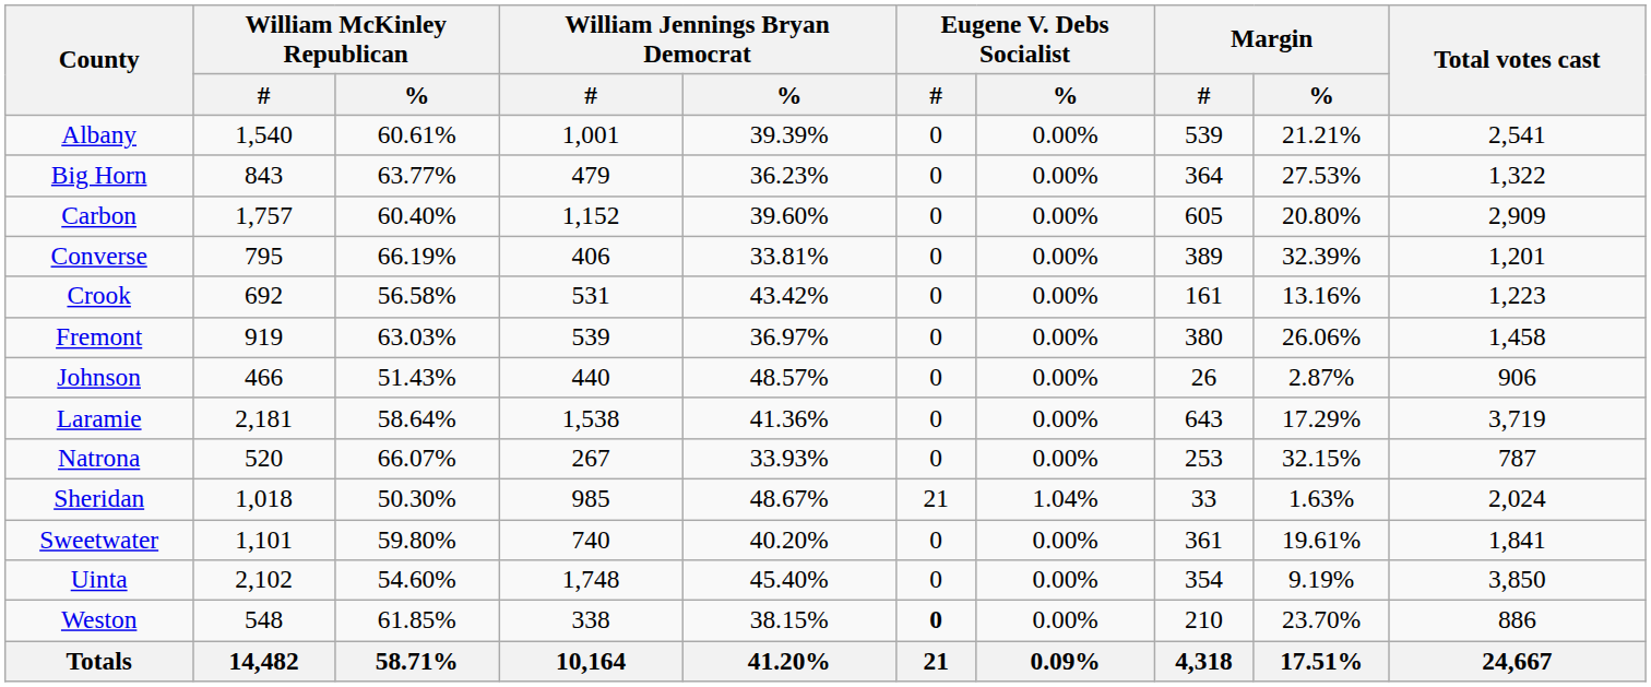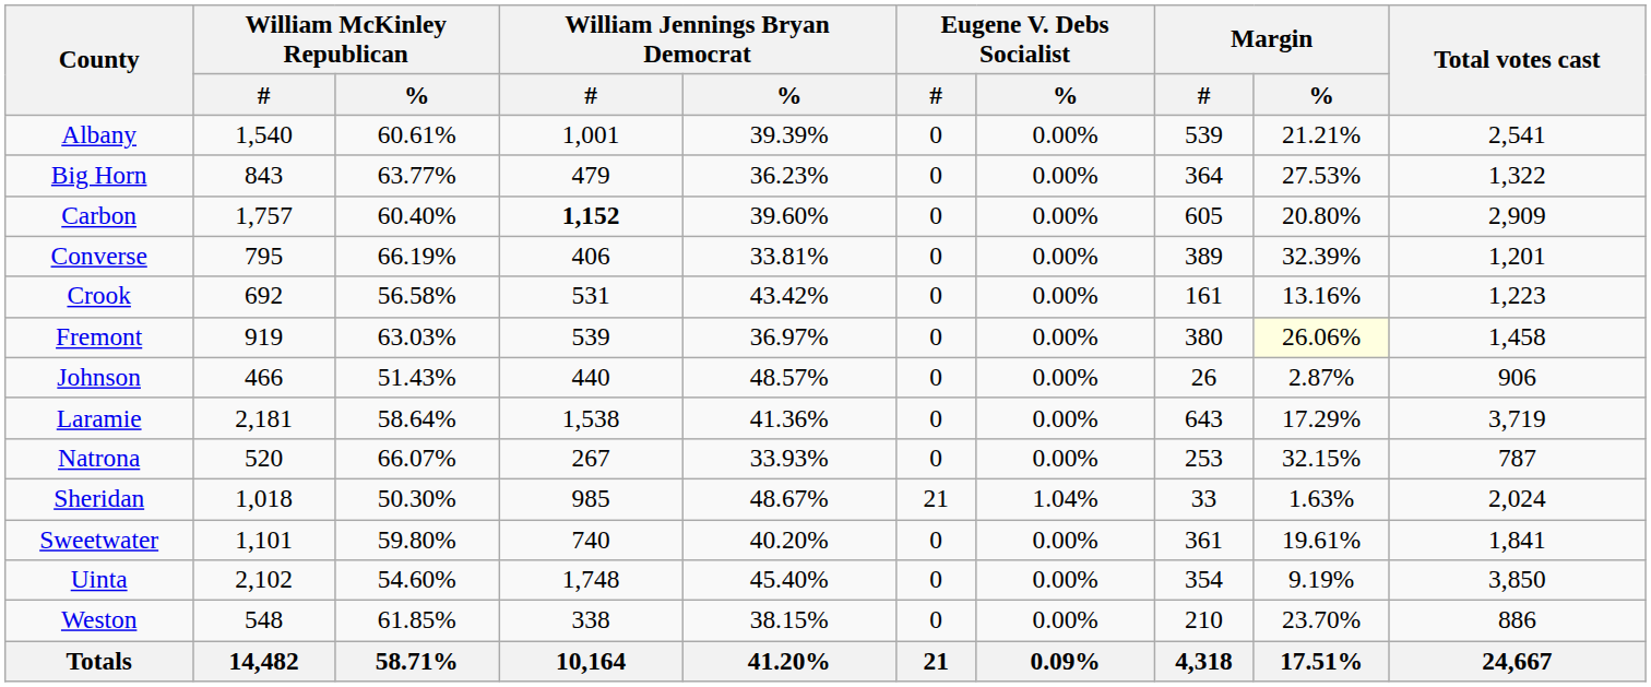 <table width="65%" class="wikitable sortable">
 <tr>
 <th style="text-align:center;" rowspan="2">County</th>
 <th style="text-align:center;" colspan="2">William McKinley<br>Republican</th>
 <th style="text-align:center;" colspan="2">William Jennings Bryan<br>Democrat</th>
 <th style="text-align:center;" colspan="2">Eugene V. Debs<br>Socialist</th>
 <th style="text-align:center;" colspan="2">Margin</th>
 <th style="text-align:center;" rowspan="2">Total votes cast</th>
 </tr>
 <tr bgcolor="lightgrey">
 <th style="text-align:center;" data-sort-type="number">#</th>
 <th style="text-align:center;" data-sort-type="number">%</th>
 <th style="text-align:center;" data-sort-type="number">#</th>
 <th style="text-align:center;" data-sort-type="number">%</th>
 <th style="text-align:center;" data-sort-type="number">#</th>
 <th style="text-align:center;" data-sort-type="number">%</th>
 <th style="text-align:center;" data-sort-type="number">#</th>
 <th style="text-align:center;" data-sort-type="number">%</th>
 </tr>
 <tr style="text-align:center;">
 <td><a href='#'>Albany</a></td>
 <td>1,540</td>
 <td>60.61%</td>
 <td>1,001</td>
 <td>39.39%</td>
 <td>0</td>
 <td>0.00%</td>
 <td>539</td>
 <td>21.21%</td>
 <td>2,541</td>
 </tr>
 <tr style="text-align:center;">
 <td><a href='#'>Big Horn</a></td>
 <td>843</td>
 <td>63.77%</td>
 <td>479</td>
 <td>36.23%</td>
 <td>0</td>
 <td>0.00%</td>
 <td>364</td>
 <td>27.53%</td>
 <td>1,322</td>
 </tr>
 <tr style="text-align:center;">
 <td><a href='#'>Carbon</a></td>
 <td>1,757</td>
 <td>60.40%</td>
-<td>1,152</td>
+<td><strong>1,152</strong></td>
 <td>39.60%</td>
 <td>0</td>
 <td>0.00%</td>
 <td>605</td>
 <td>20.80%</td>
 <td>2,909</td>
 </tr>
 <tr style="text-align:center;">
 <td><a href='#'>Converse</a></td>
 <td>795</td>
 <td>66.19%</td>
 <td>406</td>
 <td>33.81%</td>
 <td>0</td>
 <td>0.00%</td>
 <td>389</td>
 <td>32.39%</td>
 <td>1,201</td>
 </tr>
 <tr style="text-align:center;">
 <td><a href='#'>Crook</a></td>
 <td>692</td>
 <td>56.58%</td>
 <td>531</td>
 <td>43.42%</td>
 <td>0</td>
 <td>0.00%</td>
 <td>161</td>
 <td>13.16%</td>
 <td>1,223</td>
 </tr>
 <tr style="text-align:center;">
 <td><a href='#'>Fremont</a></td>
 <td>919</td>
 <td>63.03%</td>
 <td>539</td>
 <td>36.97%</td>
 <td>0</td>
 <td>0.00%</td>
 <td>380</td>
-<td>26.06%</td>
+<td style="background: lightyellow;">26.06%</td>
 <td>1,458</td>
 </tr>
 <tr style="text-align:center;">
 <td><a href='#'>Johnson</a></td>
 <td>466</td>
 <td>51.43%</td>
 <td>440</td>
 <td>48.57%</td>
 <td>0</td>
 <td>0.00%</td>
 <td>26</td>
 <td>2.87%</td>
 <td>906</td>
 </tr>
 <tr style="text-align:center;">
 <td><a href='#'>Laramie</a></td>
 <td>2,181</td>
 <td>58.64%</td>
 <td>1,538</td>
 <td>41.36%</td>
 <td>0</td>
 <td>0.00%</td>
 <td>643</td>
 <td>17.29%</td>
 <td>3,719</td>
 </tr>
 <tr style="text-align:center;">
 <td><a href='#'>Natrona</a></td>
 <td>520</td>
 <td>66.07%</td>
 <td>267</td>
 <td>33.93%</td>
 <td>0</td>
 <td>0.00%</td>
 <td>253</td>
 <td>32.15%</td>
 <td>787</td>
 </tr>
 <tr style="text-align:center;">
 <td><a href='#'>Sheridan</a></td>
 <td>1,018</td>
 <td>50.30%</td>
 <td>985</td>
 <td>48.67%</td>
 <td>21</td>
 <td>1.04%</td>
 <td>33</td>
 <td>1.63%</td>
 <td>2,024</td>
 </tr>
 <tr style="text-align:center;">
 <td><a href='#'>Sweetwater</a></td>
 <td>1,101</td>
 <td>59.80%</td>
 <td>740</td>
 <td>40.20%</td>
 <td>0</td>
 <td>0.00%</td>
 <td>361</td>
 <td>19.61%</td>
 <td>1,841</td>
 </tr>
 <tr style="text-align:center;">
 <td><a href='#'>Uinta</a></td>
 <td>2,102</td>
 <td>54.60%</td>
 <td>1,748</td>
 <td>45.40%</td>
 <td>0</td>
 <td>0.00%</td>
 <td>354</td>
 <td>9.19%</td>
 <td>3,850</td>
 </tr>
 <tr style="text-align:center;">
 <td><a href='#'>Weston</a></td>
 <td>548</td>
 <td>61.85%</td>
 <td>338</td>
 <td>38.15%</td>
-<td><strong>0</strong></td>
+<td>0</td>
 <td>0.00%</td>
 <td>210</td>
 <td>23.70%</td>
 <td>886</td>
 </tr>
 <tr>
 <th>Totals</th>
 <th>14,482</th>
 <th>58.71%</th>
 <th>10,164</th>
 <th>41.20%</th>
 <th>21</th>
 <th>0.09%</th>
 <th>4,318</th>
 <th>17.51%</th>
 <th>24,667</th>
 </tr>
 </table>
